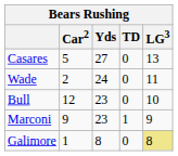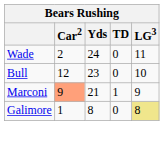 <table class="wikitable">
 <tr>
 <th colspan="5">Bears Rushing</th>
 </tr>
 <tr>
 <th></th>
 <th>Car<sup>2</sup></th>
 <th>Yds</th>
 <th>TD</th>
 <th>LG<sup>3</sup></th>
-</tr>
-<tr>
-<td><a href='#'>Casares</a></td>
-<td>5</td>
-<td>27</td>
-<td>0</td>
-<td>13</td>
 </tr>
 <tr>
 <td><a href='#'>Wade</a></td>
 <td>2</td>
 <td>24</td>
 <td>0</td>
 <td>11</td>
 </tr>
 <tr>
 <td><a href='#'>Bull</a></td>
 <td>12</td>
 <td>23</td>
 <td>0</td>
 <td>10</td>
 </tr>
 <tr>
 <td><a href='#'>Marconi</a></td>
-<td>9</td>
-<td>23</td>
+<td style="background: lightsalmon;">9</td>
+<td>21</td>
 <td>1</td>
 <td>9</td>
 </tr>
 <tr>
 <td><a href='#'>Galimore</a></td>
 <td>1</td>
 <td>8</td>
 <td>0</td>
 <td style="background: khaki;">8</td>
 </tr>
 </table>
